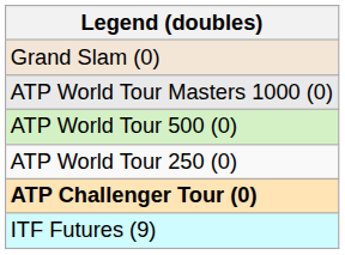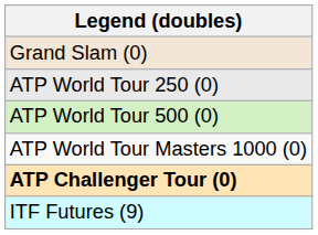 <table class="wikitable">
 <tr>
 <th>Legend (doubles)</th>
 </tr>
 <tr style="background:#f3e6d7;">
 <td>Grand Slam (0)</td>
 </tr>
 <tr style="background:#e9e9e9;">
-<td>ATP World Tour Masters 1000 (0)</td>
+<td>ATP World Tour 250 (0)</td>
 </tr>
 <tr style="background:#d4f1c5;">
 <td>ATP World Tour 500 (0)</td>
 </tr>
 <tr>
-<td>ATP World Tour 250 (0)</td>
+<td>ATP World Tour Masters 1000 (0)</td>
 </tr>
 <tr style="background:moccasin;">
 <td><strong>ATP Challenger Tour (0)</strong></td>
 </tr>
 <tr style="background:#cffcff;">
 <td>ITF Futures (9)</td>
 </tr>
 </table>
